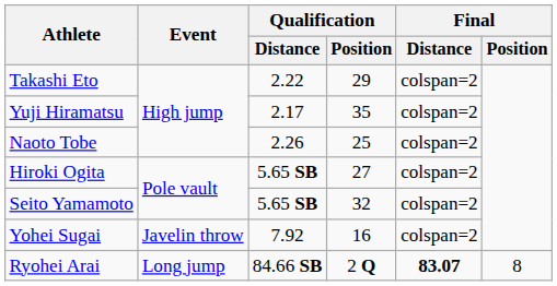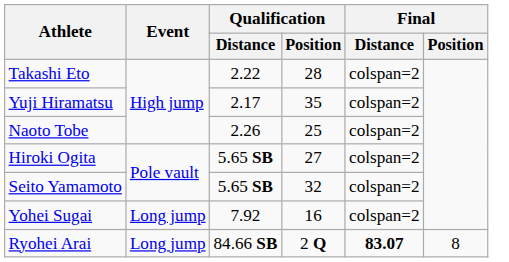 <table class=wikitable style="font-size:90%">
 <tr>
 <th rowspan="2">Athlete</th>
 <th rowspan="2">Event</th>
 <th colspan="2">Qualification</th>
 <th colspan="2">Final</th>
 </tr>
 <tr style="font-size:95%">
 <th>Distance</th>
 <th>Position</th>
 <th>Distance</th>
 <th>Position</th>
 </tr>
 <tr style=text-align:center>
 <td style=text-align:left><a href='#'>Takashi Eto</a></td>
 <td style=text-align:left rowspan=3><a href='#'>High jump</a></td>
 <td>2.22</td>
-<td>29</td>
+<td>28</td>
 <td>colspan=2 </td>
 </tr>
 <tr style=text-align:center>
 <td style=text-align:left><a href='#'>Yuji Hiramatsu</a></td>
 <td>2.17</td>
 <td>35</td>
 <td>colspan=2 </td>
 </tr>
 <tr style=text-align:center>
 <td style=text-align:left><a href='#'>Naoto Tobe</a></td>
 <td>2.26</td>
 <td>25</td>
 <td>colspan=2 </td>
 </tr>
 <tr style=text-align:center>
 <td style=text-align:left><a href='#'>Hiroki Ogita</a></td>
 <td style=text-align:left rowspan=2><a href='#'>Pole vault</a></td>
 <td>5.65 <strong>SB</strong></td>
 <td>27</td>
 <td>colspan=2 </td>
 </tr>
 <tr style=text-align:center>
 <td style=text-align:left><a href='#'>Seito Yamamoto</a></td>
 <td>5.65 <strong>SB</strong></td>
 <td>32</td>
 <td>colspan=2 </td>
 </tr>
 <tr style=text-align:center>
 <td style=text-align:left><a href='#'>Yohei Sugai</a></td>
-<td style=text-align:left><a href='#'>Javelin throw</a></td>
+<td style=text-align:left><a href='#'>Long jump</a></td>
 <td>7.92</td>
 <td>16</td>
 <td>colspan=2 </td>
 </tr>
 <tr style=text-align:center>
 <td style=text-align:left><a href='#'>Ryohei Arai</a></td>
 <td style=text-align:left><a href='#'>Long jump</a></td>
 <td>84.66 <strong>SB</strong></td>
 <td>2 <strong>Q</strong></td>
 <td><strong>83.07</strong></td>
 <td>8</td>
 </tr>
 </table>
